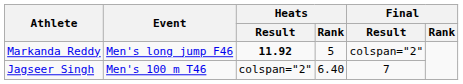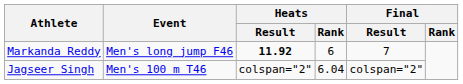 <table class=wikitable style="font-size:90%">
 <tr>
 <th rowspan="2">Athlete</th>
 <th rowspan="2">Event</th>
 <th colspan="2">Heats</th>
 <th colspan="3">Final</th>
 </tr>
 <tr>
 <th>Result</th>
 <th>Rank</th>
 <th>Result</th>
 <th>Rank</th>
 </tr>
 <tr>
 <td><a href='#'>Markanda Reddy</a></td>
 <td><a href='#'>Men's long jump F46</a></td>
 <td align="center"><strong>11.92</strong></td>
-<td align="center">5</td>
-<td>colspan="2" </td>
+<td align="center">6</td>
+<td align="center">7</td>
 </tr>
 <tr>
 <td><a href='#'>Jagseer Singh</a></td>
 <td><a href='#'>Men's 100 m T46</a></td>
 <td>colspan="2" </td>
-<td align="center">6.40</td>
-<td align="center">7</td>
+<td align="center">6.04</td>
+<td>colspan="2" </td>
 </tr>
 </table>
